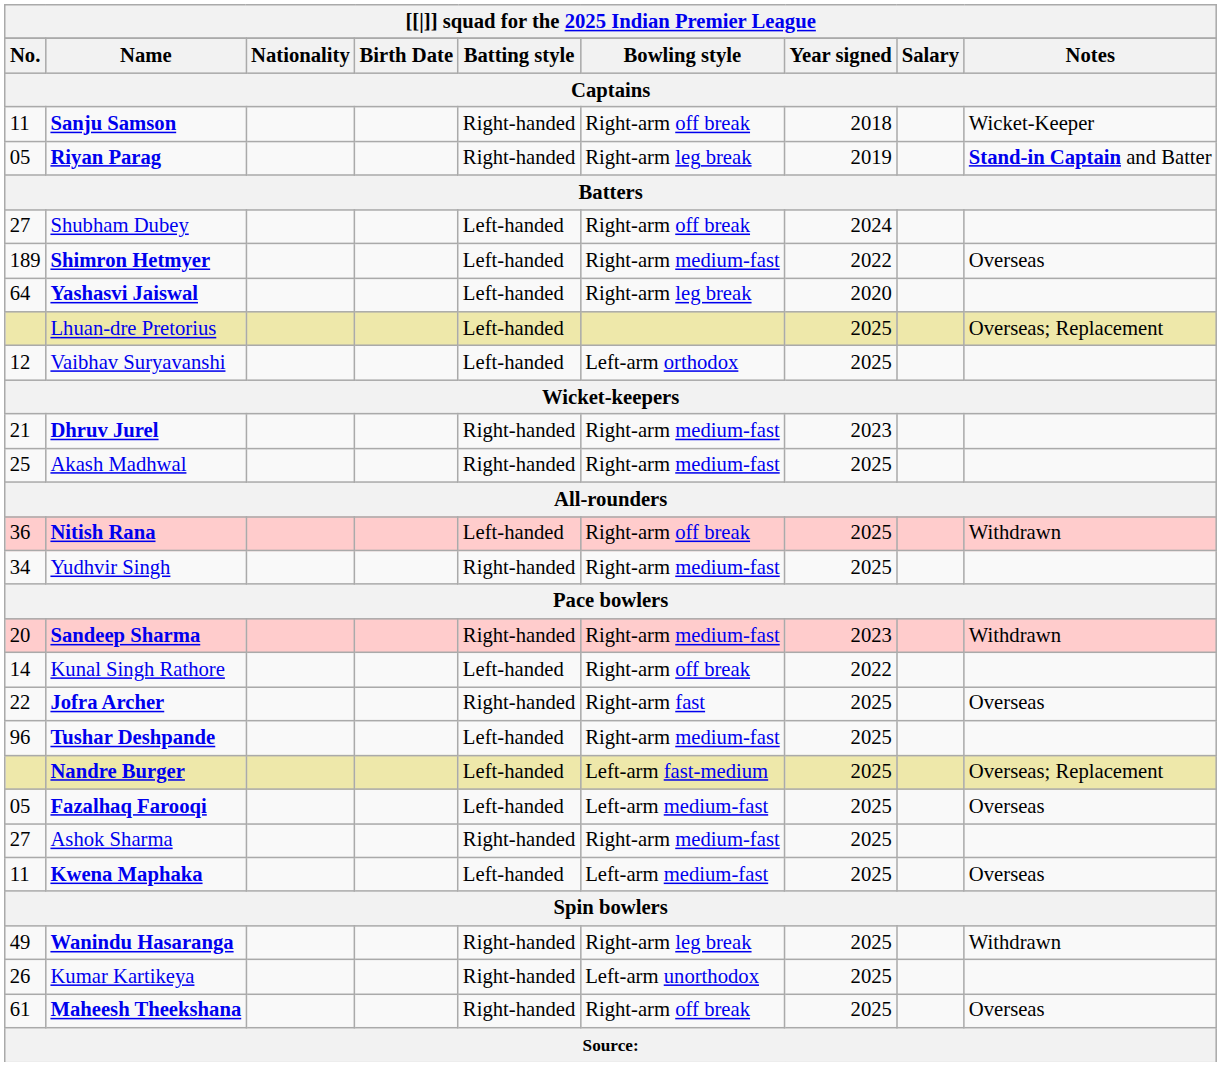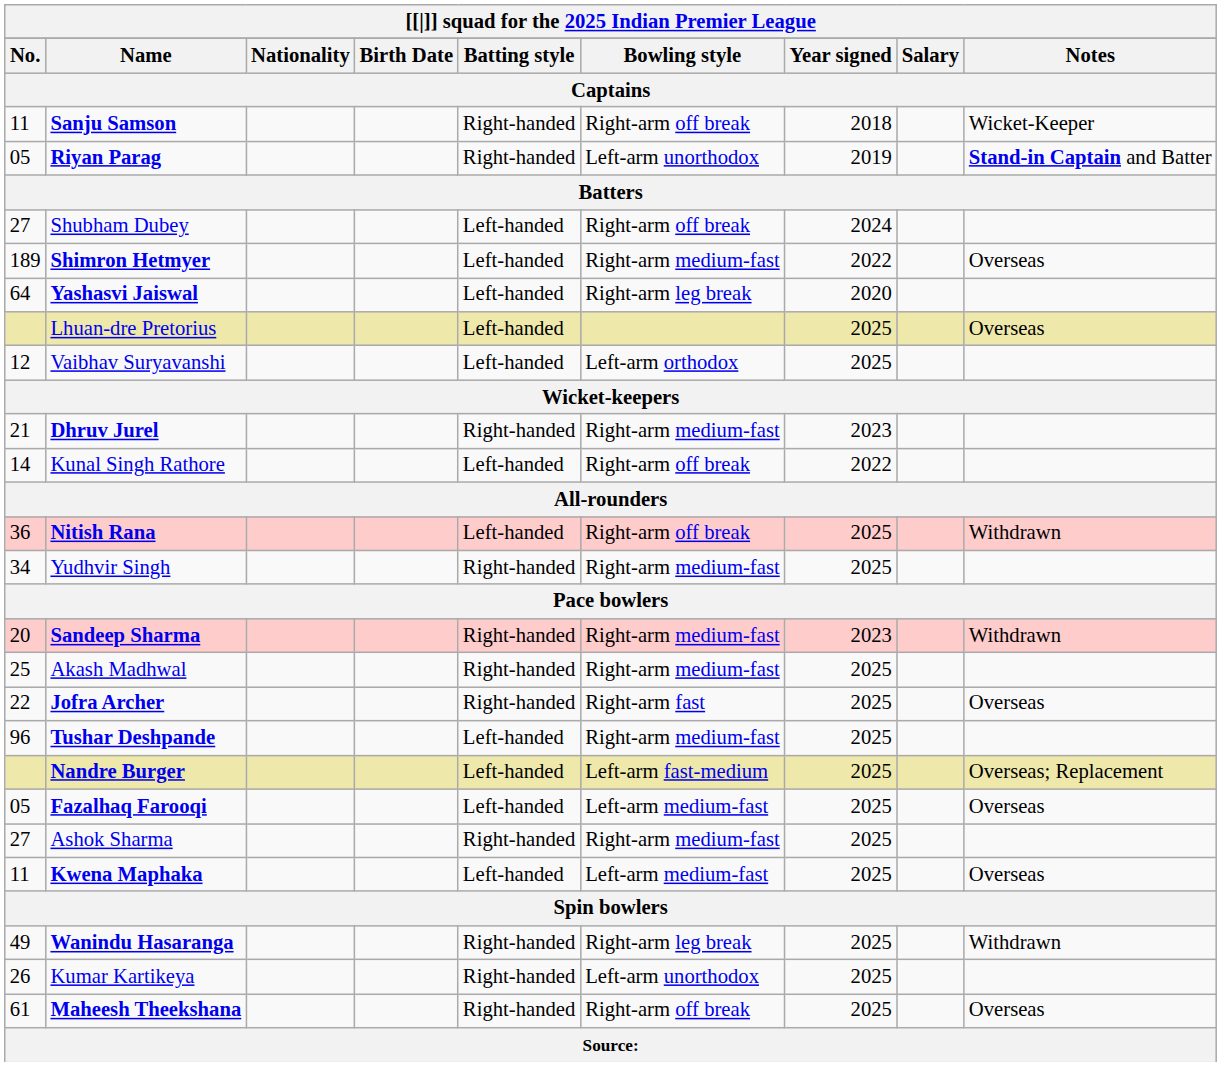 <table class="wikitable" style="font-size:85%;">
 <tr>
 <th colspan="9" style="background:#"><span>[[|<span></span>]] squad for the <a href='#'><span>2025 Indian Premier League</span></a></span></th>
 </tr>
 <tr>
 </tr>
 <tr>
 <th>No.</th>
 <th>Name</th>
 <th>Nationality</th>
 <th>Birth Date</th>
 <th>Batting style</th>
 <th>Bowling style</th>
 <th>Year signed</th>
 <th>Salary</th>
 <th>Notes</th>
 </tr>
 <tr>
 <th colspan="9">Captains</th>
 </tr>
 <tr>
 <td>11</td>
 <td><strong><a href='#'>Sanju Samson</a></strong></td>
 <td></td>
 <td></td>
 <td>Right-handed</td>
 <td>Right-arm <a href='#'>off break</a></td>
 <td style="text-align:right;">2018</td>
 <td style="text-align:right;"></td>
 <td>Wicket-Keeper</td>
 </tr>
 <tr>
 <td>05</td>
 <td><strong><a href='#'>Riyan Parag</a></strong></td>
 <td></td>
 <td></td>
 <td>Right-handed</td>
-<td>Right-arm <a href='#'>leg break</a></td>
+<td>Left-arm <a href='#'>unorthodox</a></td>
 <td style="text-align:right;">2019</td>
 <td style="text-align:right;"></td>
 <td><strong><a href='#'>Stand-in Captain</a></strong> and Batter</td>
 </tr>
 <tr>
 <th colspan="9">Batters</th>
 </tr>
 <tr>
 <td>27</td>
 <td><a href='#'>Shubham Dubey</a></td>
 <td></td>
 <td></td>
 <td>Left-handed</td>
 <td>Right-arm <a href='#'>off break</a></td>
 <td style="text-align:right;">2024</td>
 <td style="text-align:right;"></td>
 <td></td>
 </tr>
 <tr>
 <td>189</td>
 <td><strong><a href='#'>Shimron Hetmyer</a></strong></td>
 <td></td>
 <td></td>
 <td>Left-handed</td>
 <td>Right-arm <a href='#'>medium-fast</a></td>
 <td style="text-align:right;">2022</td>
 <td style="text-align:right;"></td>
 <td>Overseas</td>
 </tr>
 <tr>
 <td>64</td>
 <td><strong><a href='#'>Yashasvi Jaiswal</a></strong></td>
 <td></td>
 <td></td>
 <td>Left-handed</td>
 <td>Right-arm <a href='#'>leg break</a></td>
 <td style="text-align:right;">2020</td>
 <td style="text-align:right;"></td>
 <td></td>
 </tr>
 <tr style="background:#EEE8AA;">
 <td></td>
 <td><a href='#'>Lhuan-dre Pretorius</a></td>
 <td></td>
 <td></td>
 <td>Left-handed</td>
 <td></td>
 <td style="text-align:right;">2025</td>
 <td style="text-align:right;"></td>
-<td>Overseas; Replacement </td>
+<td>Overseas</td>
 </tr>
 <tr>
 <td>12</td>
 <td><a href='#'>Vaibhav Suryavanshi</a></td>
 <td></td>
 <td></td>
 <td>Left-handed</td>
 <td>Left-arm <a href='#'>orthodox</a></td>
 <td style="text-align:right;">2025</td>
 <td style="text-align:right;"></td>
 <td></td>
 </tr>
 <tr>
 <th colspan="9">Wicket-keepers</th>
 </tr>
 <tr>
 <td>21</td>
 <td><strong><a href='#'>Dhruv Jurel</a></strong></td>
 <td></td>
 <td></td>
 <td>Right-handed</td>
 <td>Right-arm <a href='#'>medium-fast</a></td>
 <td style="text-align:right;">2023</td>
 <td style="text-align:right;"></td>
 <td></td>
 </tr>
 <tr>
-<td>25</td>
-<td><a href='#'>Akash Madhwal</a></td>
+<td>14</td>
+<td><a href='#'>Kunal Singh Rathore</a></td>
 <td></td>
 <td></td>
-<td>Right-handed</td>
-<td>Right-arm <a href='#'>medium-fast</a></td>
-<td style="text-align:right;">2025</td>
+<td>Left-handed</td>
+<td>Right-arm <a href='#'>off break</a></td>
+<td style="text-align:right;">2022</td>
 <td style="text-align:right;"></td>
 <td></td>
 </tr>
 <tr>
 <th colspan="9">All-rounders</th>
 </tr>
 <tr style="background:#FFCCCC;">
 <td>36</td>
 <td><strong><a href='#'>Nitish Rana</a></strong></td>
 <td></td>
 <td></td>
 <td>Left-handed</td>
 <td>Right-arm <a href='#'>off break</a></td>
 <td style="text-align:right;">2025</td>
 <td style="text-align:right;"></td>
 <td>Withdrawn </td>
 </tr>
 <tr>
 <td>34</td>
 <td><a href='#'>Yudhvir Singh</a></td>
 <td></td>
 <td></td>
 <td>Right-handed</td>
 <td>Right-arm <a href='#'>medium-fast</a></td>
 <td style="text-align:right;">2025</td>
 <td style="text-align:right;"></td>
 <td></td>
 </tr>
 <tr>
 <th colspan="9">Pace bowlers</th>
 </tr>
 <tr style="background:#FFCCCC;">
 <td>20</td>
 <td><strong><a href='#'>Sandeep Sharma</a></strong></td>
 <td></td>
 <td></td>
 <td>Right-handed</td>
 <td>Right-arm <a href='#'>medium-fast</a></td>
 <td style="text-align:right;">2023</td>
 <td style="text-align:right;"></td>
 <td>Withdrawn </td>
 </tr>
 <tr>
-<td>14</td>
-<td><a href='#'>Kunal Singh Rathore</a></td>
+<td>25</td>
+<td><a href='#'>Akash Madhwal</a></td>
 <td></td>
 <td></td>
-<td>Left-handed</td>
-<td>Right-arm <a href='#'>off break</a></td>
-<td style="text-align:right;">2022</td>
+<td>Right-handed</td>
+<td>Right-arm <a href='#'>medium-fast</a></td>
+<td style="text-align:right;">2025</td>
 <td style="text-align:right;"></td>
 <td></td>
 </tr>
 <tr>
 <td>22</td>
 <td><strong><a href='#'>Jofra Archer</a></strong></td>
 <td></td>
 <td></td>
 <td>Right-handed</td>
 <td>Right-arm <a href='#'>fast</a></td>
 <td style="text-align:right;">2025</td>
 <td style="text-align:right;"></td>
 <td>Overseas</td>
 </tr>
 <tr>
 <td>96</td>
 <td><strong><a href='#'>Tushar Deshpande</a></strong></td>
 <td></td>
 <td></td>
 <td>Left-handed</td>
 <td>Right-arm <a href='#'>medium-fast</a></td>
 <td style="text-align:right;">2025</td>
 <td style="text-align:right;"></td>
 <td></td>
 </tr>
 <tr style="background:#EEE8AA;">
 <td></td>
 <td><strong><a href='#'>Nandre Burger</a></strong></td>
 <td></td>
 <td></td>
 <td>Left-handed</td>
 <td>Left-arm <a href='#'>fast-medium</a></td>
 <td style="text-align:right;">2025</td>
 <td style="text-align:right;"></td>
 <td>Overseas; Replacement </td>
 </tr>
 <tr>
 <td>05</td>
 <td><strong><a href='#'>Fazalhaq Farooqi</a></strong></td>
 <td></td>
 <td></td>
 <td>Left-handed</td>
 <td>Left-arm <a href='#'>medium-fast</a></td>
 <td style="text-align:right;">2025</td>
 <td style="text-align:right;"></td>
 <td>Overseas</td>
 </tr>
 <tr>
 <td>27</td>
 <td><a href='#'>Ashok Sharma</a></td>
 <td></td>
 <td></td>
 <td>Right-handed</td>
 <td>Right-arm <a href='#'>medium-fast</a></td>
 <td style="text-align:right;">2025</td>
 <td style="text-align:right;"></td>
 <td></td>
 </tr>
 <tr>
 <td>11</td>
 <td><strong><a href='#'>Kwena Maphaka</a></strong></td>
 <td></td>
 <td></td>
 <td>Left-handed</td>
 <td>Left-arm <a href='#'>medium-fast</a></td>
 <td style="text-align:right;">2025</td>
 <td style="text-align:right;"></td>
 <td>Overseas</td>
 </tr>
 <tr>
 <th colspan="9">Spin bowlers</th>
 </tr>
 <tr>
 <td>49</td>
 <td><strong><a href='#'>Wanindu Hasaranga</a></strong></td>
 <td></td>
 <td></td>
 <td>Right-handed</td>
 <td>Right-arm <a href='#'>leg break</a></td>
 <td style="text-align:right;">2025</td>
 <td style="text-align:right;"></td>
 <td>Withdrawn </td>
 </tr>
 <tr>
 <td>26</td>
 <td><a href='#'>Kumar Kartikeya</a></td>
 <td></td>
 <td></td>
 <td>Right-handed</td>
 <td>Left-arm <a href='#'>unorthodox</a></td>
 <td style="text-align:right;">2025</td>
 <td style="text-align:right;"></td>
 <td></td>
 </tr>
 <tr>
 <td>61</td>
 <td><strong><a href='#'>Maheesh Theekshana</a></strong></td>
 <td></td>
 <td></td>
 <td>Right-handed</td>
 <td>Right-arm <a href='#'>off break</a></td>
 <td style="text-align:right;">2025</td>
 <td style="text-align:right;"></td>
 <td>Overseas</td>
 </tr>
 <tr>
 <th colspan="9" style="text-align:center;"><small>Source: </small></th>
 </tr>
 </table>
